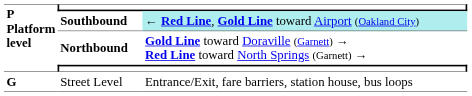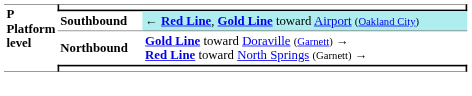 <table table border=0 cellspacing=0 cellpadding=3>
 <tr>
 <td style="border-top:solid 1px gray;border-bottom:solid 1px gray;" width=50 rowspan=4 valign=top><strong>P<br>Platform level</strong></td>
 <td style="border-top:solid 1px gray;border-right:solid 2px black;border-left:solid 2px black;border-bottom:solid 2px black;text-align:center;" colspan=2></td>
 </tr>
 <tr>
 <td style="border-bottom:solid 1px gray;" width=100><strong>Southbound</strong></td>
 <td style="background: paleturquoise; border-bottom:solid 1px gray;" width=400>← <a href='#'><span><strong>Red Line</strong></span></a>, <a href='#'><span><strong>Gold Line</strong></span></a> toward <a href='#'>Airport</a> <small>(<a href='#'>Oakland City</a>)</small></td>
 </tr>
 <tr>
 <td><strong>Northbound</strong></td>
 <td> <a href='#'><span><strong>Gold Line</strong></span></a> toward <a href='#'>Doraville</a> <small>(<a href='#'>Garnett</a>)</small> →<br> <a href='#'><span><strong>Red Line</strong></span></a> toward <a href='#'>North Springs</a> <small>(Garnett)</small> →</td>
 </tr>
 <tr>
 <td style="border-bottom:solid 1px gray;border-right:solid 2px black;border-left:solid 2px black;border-top:solid 2px black;text-align:center;" colspan=2></td>
 </tr>
-<tr>
-<td style="border-bottom:solid 1px gray;" width=50 valign=top><strong>G</strong></td>
-<td style="border-bottom:solid 1px gray;" width=100 valign=top>Street Level</td>
-<td style="border-bottom:solid 1px gray;" width=400 valign=top>Entrance/Exit, fare barriers, station house, bus loops</td>
-</tr>
 </table>
